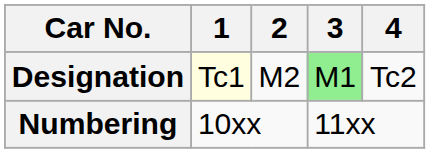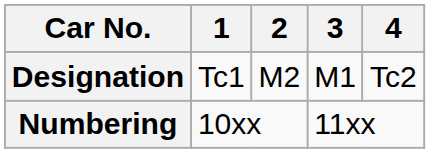 <table class="wikitable">
 <tr>
 <th>Car No.</th>
 <th>1</th>
 <th>2</th>
 <th>3</th>
 <th>4</th>
 </tr>
 <tr>
 <th>Designation</th>
-<td style="background: lightyellow;">Tc1</td>
+<td>Tc1</td>
 <td>M2</td>
-<td style="background: lightgreen;">M1</td>
+<td>M1</td>
 <td>Tc2</td>
 </tr>
 <tr>
 <th>Numbering</th>
 <td colspan="2">10xx</td>
 <td colspan="2">11xx</td>
 </tr>
 </table>
